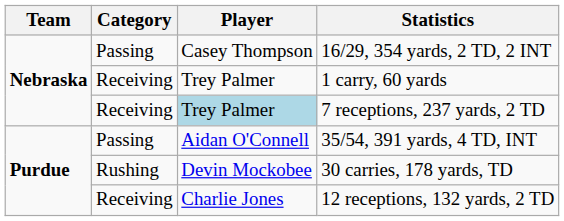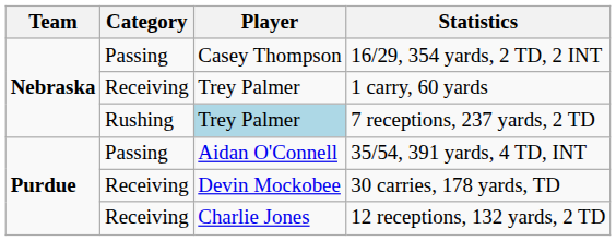 <table class="wikitable" style="float: right;">
 <tr>
 <th>Team</th>
 <th>Category</th>
 <th>Player</th>
 <th>Statistics</th>
 </tr>
 <tr>
 <td rowspan=3><strong>Nebraska</strong></td>
 <td>Passing</td>
 <td>Casey Thompson</td>
 <td>16/29, 354 yards, 2 TD, 2 INT</td>
 </tr>
 <tr>
 <td>Receiving</td>
 <td>Trey Palmer</td>
 <td>1 carry, 60 yards</td>
 </tr>
 <tr>
-<td>Receiving</td>
+<td>Rushing</td>
 <td style="background: lightblue;">Trey Palmer</td>
 <td>7 receptions, 237 yards, 2 TD</td>
 </tr>
 <tr>
 <td rowspan=3><strong>Purdue</strong></td>
 <td>Passing</td>
 <td><a href='#'>Aidan O'Connell</a></td>
 <td>35/54, 391 yards, 4 TD, INT</td>
 </tr>
 <tr>
-<td>Rushing</td>
+<td>Receiving</td>
 <td><a href='#'>Devin Mockobee</a></td>
 <td>30 carries, 178 yards, TD</td>
 </tr>
 <tr>
 <td>Receiving</td>
 <td><a href='#'>Charlie Jones</a></td>
 <td>12 receptions, 132 yards, 2 TD</td>
 </tr>
 </table>
